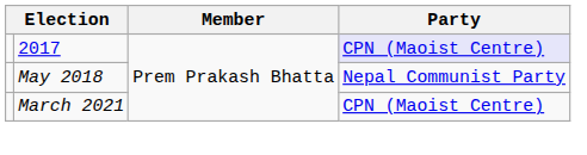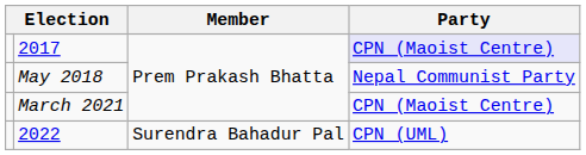 <table class="wikitable">
 <tr>
 <th colspan="2">Election</th>
 <th>Member</th>
 <th>Party</th>
 </tr>
 <tr>
 <td style="color:inherit;background:"></td>
 <td><a href='#'>2017</a></td>
 <td rowspan="3">Prem Prakash Bhatta</td>
 <td style="background: lavender;"><a href='#'>CPN (Maoist Centre)</a></td>
 </tr>
 <tr>
 <td style="color:inherit;background:"></td>
 <td><em>May 2018</em></td>
 <td><a href='#'>Nepal Communist Party</a></td>
 </tr>
 <tr>
 <td style="color:inherit;background:"></td>
 <td><em>March 2021</em></td>
 <td><a href='#'>CPN (Maoist Centre)</a></td>
 </tr>
+<tr>
+<td style="color:inherit;background:"></td>
+<td><a href='#'>2022</a></td>
+<td>Surendra Bahadur Pal</td>
+<td><a href='#'>CPN (UML)</a></td>
+</tr>
 </table>
